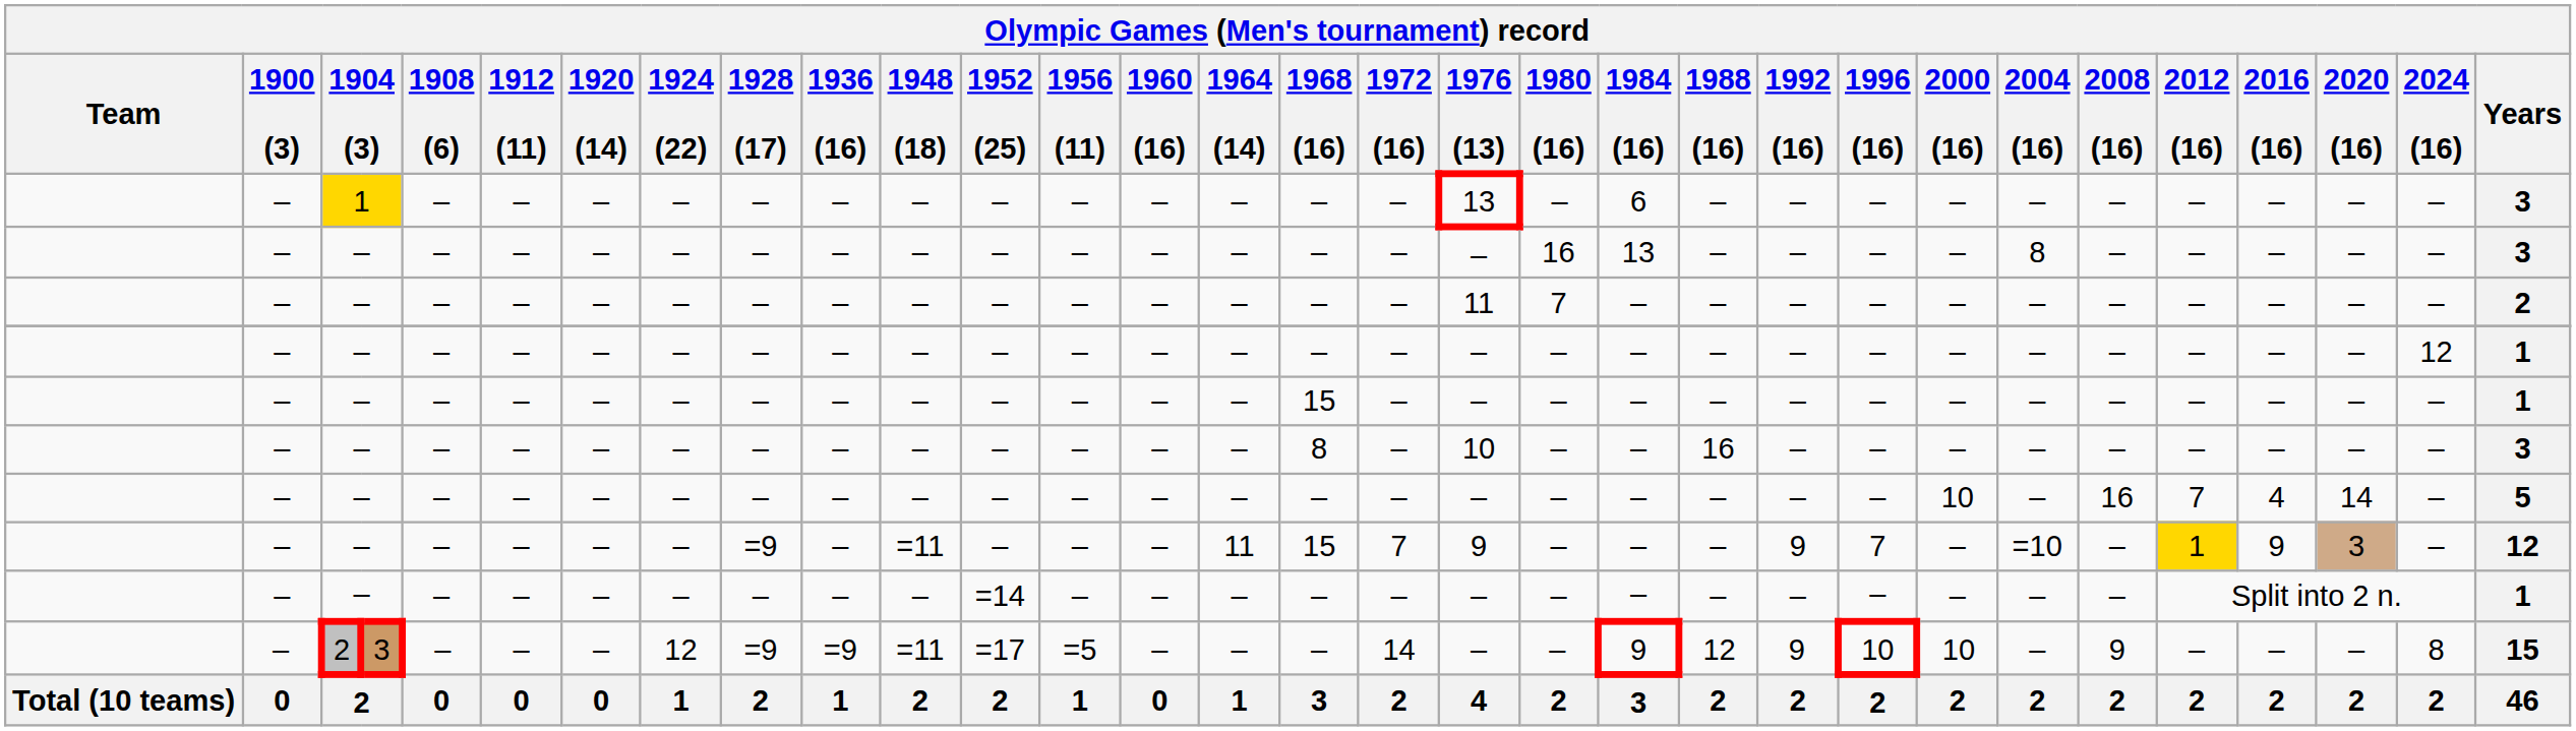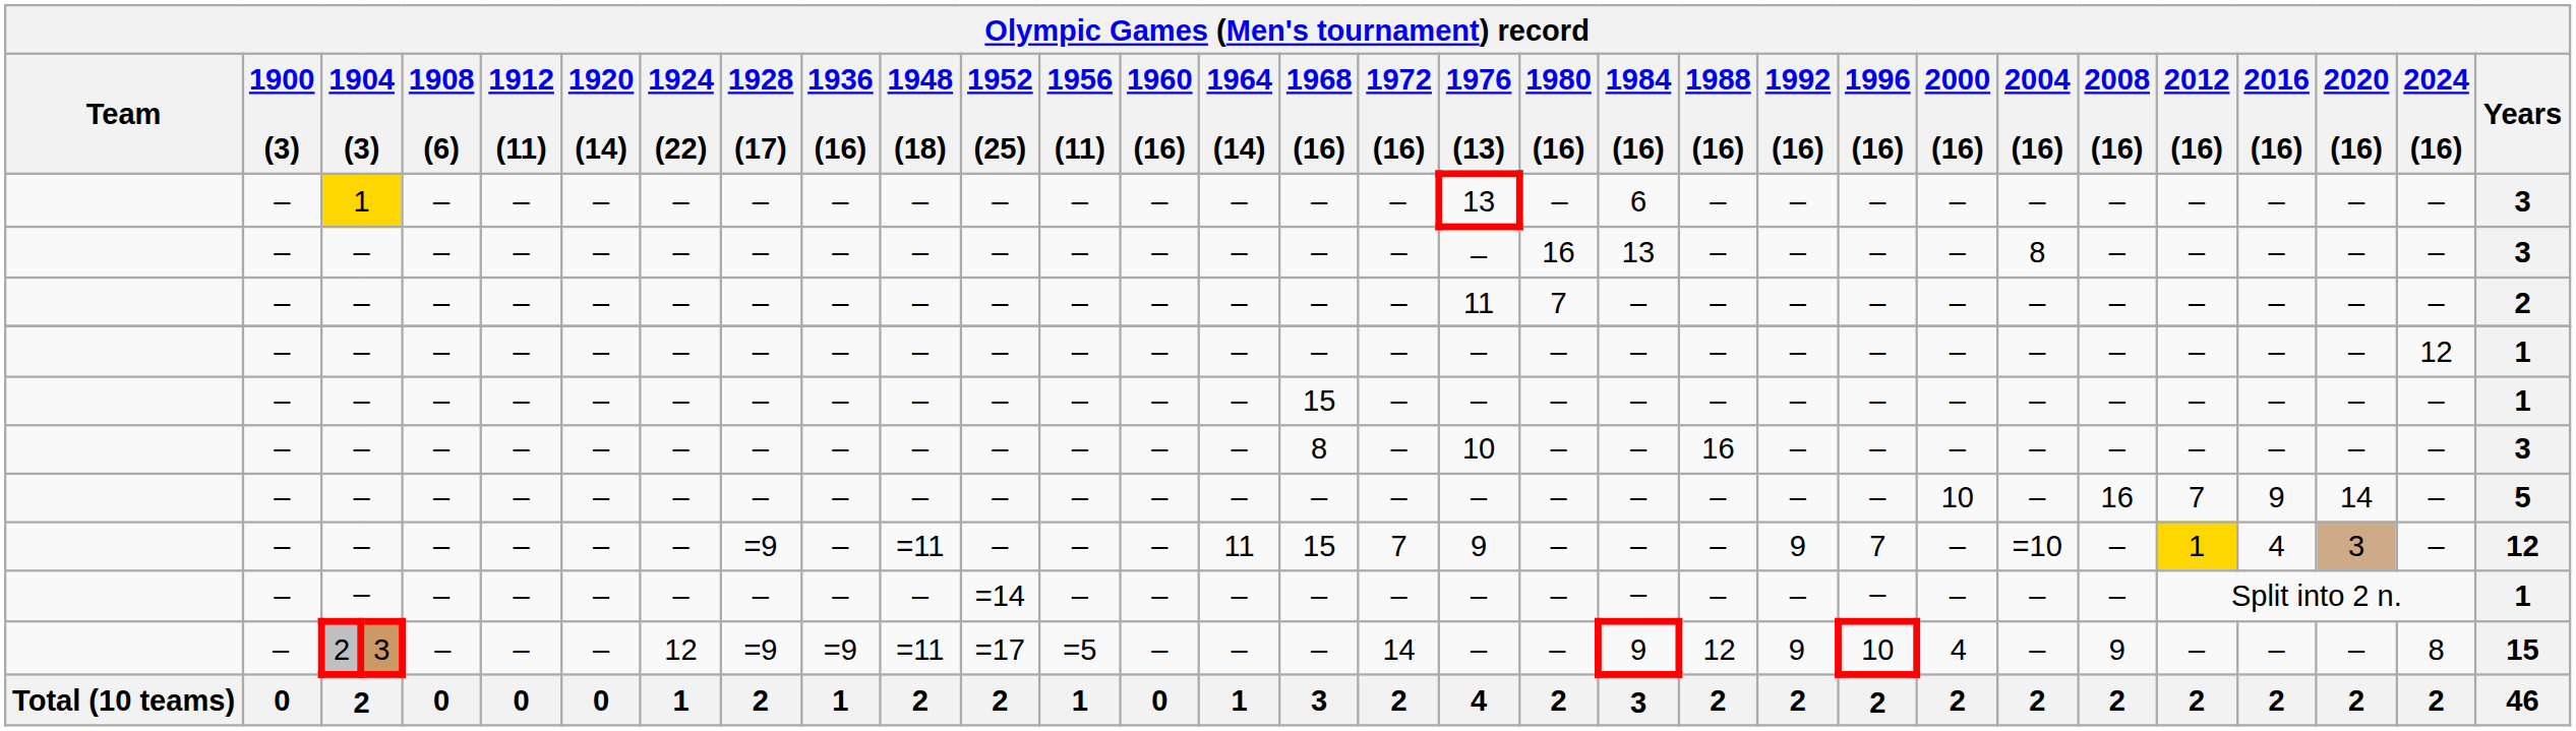 <table class="wikitable" style="text-align:center; font-size:80%;">
 <tr>
 <th colspan=31><a href='#'>Olympic Games</a> (<a href='#'>Men's tournament</a>) record</th>
 </tr>
 <tr>
 <th>Team</th>
 <th><a href='#'>1900</a><br><br>(3)</th>
 <th colspan="2"><a href='#'>1904</a><br><br>(3)</th>
 <th><a href='#'>1908</a><br><br>(6)</th>
 <th><a href='#'>1912</a><br><br>(11)</th>
 <th><a href='#'>1920</a><br><br>(14)</th>
 <th><a href='#'>1924</a><br><br>(22)</th>
 <th><a href='#'>1928</a><br><br>(17)</th>
 <th><a href='#'>1936</a><br><br>(16)</th>
 <th><a href='#'>1948</a><br><br>(18)</th>
 <th><a href='#'>1952</a><br><br>(25)</th>
 <th><a href='#'>1956</a><br><br>(11)</th>
 <th><a href='#'>1960</a><br><br>(16)</th>
 <th><a href='#'>1964</a><br><br>(14)</th>
 <th><a href='#'>1968</a><br><br>(16)</th>
 <th><a href='#'>1972</a><br><br>(16)</th>
 <th><a href='#'>1976</a><br><br>(13)</th>
 <th><a href='#'>1980</a><br><br>(16)</th>
 <th><a href='#'>1984</a><br><br>(16)</th>
 <th><a href='#'>1988</a><br><br>(16)</th>
 <th><a href='#'>1992</a><br><br>(16)</th>
 <th><a href='#'>1996</a><br><br>(16)</th>
 <th><a href='#'>2000</a><br><br>(16)</th>
 <th><a href='#'>2004</a><br><br>(16)</th>
 <th><a href='#'>2008</a><br><br>(16)</th>
 <th><a href='#'>2012</a><br><br>(16)</th>
 <th><a href='#'>2016</a><br><br>(16)</th>
 <th><a href='#'>2020</a><br><br>(16)</th>
 <th><a href='#'>2024</a><br><br>(16)</th>
 <th>Years</th>
 </tr>
 <tr>
 <td align=left></td>
 <td>–</td>
 <td colspan="2" bgcolor=gold>1</td>
 <td>–</td>
 <td>–</td>
 <td>–</td>
 <td>–</td>
 <td>–</td>
 <td>–</td>
 <td>–</td>
 <td>–</td>
 <td>–</td>
 <td>–</td>
 <td>–</td>
 <td>–</td>
 <td>–</td>
 <td style="border:3px solid red;">13</td>
 <td>–</td>
 <td>6</td>
 <td>–</td>
 <td>–</td>
 <td>–</td>
 <td>–</td>
 <td>–</td>
 <td>–</td>
 <td>–</td>
 <td>–</td>
 <td>–</td>
 <td>–</td>
 <th>3</th>
 </tr>
 <tr>
 <td align=left></td>
 <td>–</td>
 <td colspan="2">–</td>
 <td>–</td>
 <td>–</td>
 <td>–</td>
 <td>–</td>
 <td>–</td>
 <td>–</td>
 <td>–</td>
 <td>–</td>
 <td>–</td>
 <td>–</td>
 <td>–</td>
 <td>–</td>
 <td>–</td>
 <td>–</td>
 <td>16</td>
 <td>13</td>
 <td>–</td>
 <td>–</td>
 <td>–</td>
 <td>–</td>
 <td>8</td>
 <td>–</td>
 <td>–</td>
 <td>–</td>
 <td>–</td>
 <td>–</td>
 <th>3</th>
 </tr>
 <tr>
 <td align=left></td>
 <td>–</td>
 <td colspan="2">–</td>
 <td>–</td>
 <td>–</td>
 <td>–</td>
 <td>–</td>
 <td>–</td>
 <td>–</td>
 <td>–</td>
 <td>–</td>
 <td>–</td>
 <td>–</td>
 <td>–</td>
 <td>–</td>
 <td>–</td>
 <td>11</td>
 <td>7</td>
 <td>–</td>
 <td>–</td>
 <td>–</td>
 <td>–</td>
 <td>–</td>
 <td>–</td>
 <td>–</td>
 <td>–</td>
 <td>–</td>
 <td>–</td>
 <td>–</td>
 <th>2</th>
 </tr>
 <tr>
 </tr>
 <tr>
 <td align=left></td>
 <td>–</td>
 <td colspan="2">–</td>
 <td>–</td>
 <td>–</td>
 <td>–</td>
 <td>–</td>
 <td>–</td>
 <td>–</td>
 <td>–</td>
 <td>–</td>
 <td>–</td>
 <td>–</td>
 <td>–</td>
 <td>–</td>
 <td>–</td>
 <td>–</td>
 <td>–</td>
 <td>–</td>
 <td>–</td>
 <td>–</td>
 <td>–</td>
 <td>–</td>
 <td>–</td>
 <td>–</td>
 <td>–</td>
 <td>–</td>
 <td>–</td>
 <td>12</td>
 <th>1</th>
 </tr>
 <tr>
 <td align=left></td>
 <td>–</td>
 <td colspan="2">–</td>
 <td>–</td>
 <td>–</td>
 <td>–</td>
 <td>–</td>
 <td>–</td>
 <td>–</td>
 <td>–</td>
 <td>–</td>
 <td>–</td>
 <td>–</td>
 <td>–</td>
 <td>15</td>
 <td>–</td>
 <td>–</td>
 <td>–</td>
 <td>–</td>
 <td>–</td>
 <td>–</td>
 <td>–</td>
 <td>–</td>
 <td>–</td>
 <td>–</td>
 <td>–</td>
 <td>–</td>
 <td>–</td>
 <td>–</td>
 <th>1</th>
 </tr>
 <tr>
 <td align=left></td>
 <td>–</td>
 <td colspan="2">–</td>
 <td>–</td>
 <td>–</td>
 <td>–</td>
 <td>–</td>
 <td>–</td>
 <td>–</td>
 <td>–</td>
 <td>–</td>
 <td>–</td>
 <td>–</td>
 <td>–</td>
 <td>8</td>
 <td>–</td>
 <td>10</td>
 <td>–</td>
 <td>–</td>
 <td>16</td>
 <td>–</td>
 <td>–</td>
 <td>–</td>
 <td>–</td>
 <td>–</td>
 <td>–</td>
 <td>–</td>
 <td>–</td>
 <td>–</td>
 <th>3</th>
 </tr>
 <tr>
 <td align=left></td>
 <td>–</td>
 <td colspan="2">–</td>
 <td>–</td>
 <td>–</td>
 <td>–</td>
 <td>–</td>
 <td>–</td>
 <td>–</td>
 <td>–</td>
 <td>–</td>
 <td>–</td>
 <td>–</td>
 <td>–</td>
 <td>–</td>
 <td>–</td>
 <td>–</td>
 <td>–</td>
 <td>–</td>
 <td>–</td>
 <td>–</td>
 <td>–</td>
 <td>10</td>
 <td>–</td>
 <td>16</td>
 <td>7</td>
-<td>4</td>
+<td>9</td>
 <td>14</td>
 <td>–</td>
 <th>5</th>
 </tr>
 <tr>
 <td align=left></td>
 <td>–</td>
 <td colspan="2">–</td>
 <td>–</td>
 <td>–</td>
 <td>–</td>
 <td>–</td>
 <td>=9</td>
 <td>–</td>
 <td>=11</td>
 <td>–</td>
 <td>–</td>
 <td>–</td>
 <td>11</td>
 <td>15</td>
 <td>7</td>
 <td>9</td>
 <td>–</td>
 <td>–</td>
 <td>–</td>
 <td>9</td>
 <td>7</td>
 <td>–</td>
 <td>=10</td>
 <td>–</td>
 <td bgcolor=gold>1</td>
-<td>9</td>
+<td>4</td>
 <td style="background:#cfaa88;">3</td>
 <td>–</td>
 <th>12</th>
 </tr>
 <tr>
 <td align=left></td>
 <td>–</td>
 <td colspan="2">–</td>
 <td>–</td>
 <td>–</td>
 <td>–</td>
 <td>–</td>
 <td>–</td>
 <td>–</td>
 <td>–</td>
 <td>=14</td>
 <td>–</td>
 <td>–</td>
 <td>–</td>
 <td>–</td>
 <td>–</td>
 <td>–</td>
 <td>–</td>
 <td>–</td>
 <td>–</td>
 <td>–</td>
 <td>–</td>
 <td>–</td>
 <td>–</td>
 <td>–</td>
 <td colspan=4>Split into 2 n.</td>
 <th>1</th>
 </tr>
 <tr>
 <td align=left></td>
 <td>–</td>
 <td style="border:3px solid red; background:silver; padding-left:0; padding-right:0;">2</td>
 <td style="border:3px solid red; background:#c96; padding-left:0; padding-right:0;">3</td>
 <td>–</td>
 <td>–</td>
 <td>–</td>
 <td>12</td>
 <td>=9</td>
 <td>=9</td>
 <td>=11</td>
 <td>=17</td>
 <td>=5</td>
 <td>–</td>
 <td>–</td>
 <td>–</td>
 <td>14</td>
 <td>–</td>
 <td>–</td>
 <td style="border:3px solid red;">9</td>
 <td>12</td>
 <td>9</td>
 <td style="border:3px solid red;">10</td>
-<td>10</td>
+<td>4</td>
 <td>–</td>
 <td>9</td>
 <td>–</td>
 <td>–</td>
 <td>–</td>
 <td>8</td>
 <th>15</th>
 </tr>
 <tr>
 <th align=left>Total (10 teams)</th>
 <th><strong>0</strong></th>
 <th colspan="2"><strong>2</strong></th>
 <th><strong>0</strong></th>
 <th><strong>0</strong></th>
 <th><strong>0</strong></th>
 <th><strong>1</strong></th>
 <th><strong>2</strong></th>
 <th><strong>1</strong></th>
 <th><strong>2</strong></th>
 <th><strong>2</strong></th>
 <th><strong>1</strong></th>
 <th><strong>0</strong></th>
 <th><strong>1</strong></th>
 <th><strong>3</strong></th>
 <th><strong>2</strong></th>
 <th><strong>4</strong></th>
 <th><strong>2</strong></th>
 <th><strong>3</strong></th>
 <th><strong>2</strong></th>
 <th><strong>2</strong></th>
 <th><strong>2</strong></th>
 <th><strong>2</strong></th>
 <th><strong>2</strong></th>
 <th><strong>2</strong></th>
 <th><strong>2</strong></th>
 <th><strong>2</strong></th>
 <th><strong>2</strong></th>
 <th><strong>2</strong></th>
 <th>46</th>
 </tr>
 </table>
